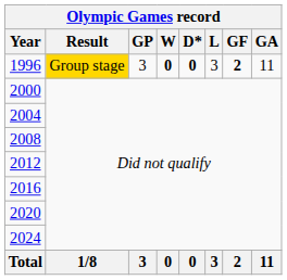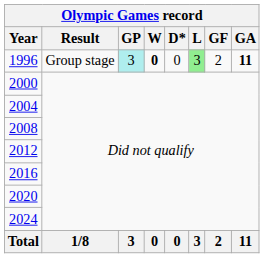 <table class="wikitable" style="text-align: center;">
 <tr>
 <th colspan=9><a href='#'>Olympic Games</a> record</th>
 </tr>
 <tr>
 <th>Year</th>
 <th>Result</th>
 <th>GP</th>
 <th>W</th>
 <th>D*</th>
 <th>L</th>
 <th>GF</th>
 <th>GA</th>
 </tr>
 <tr>
 <td> <a href='#'>1996</a></td>
-<td style="background: gold;">Group stage</td>
-<td>3</td>
+<td>Group stage</td>
+<td style="background: paleturquoise;">3</td>
 <td><strong>0</strong></td>
-<td><strong>0</strong></td>
-<td>3</td>
-<td><strong>2</strong></td>
-<td>11</td>
+<td>0</td>
+<td style="background: lightgreen;">3</td>
+<td>2</td>
+<td><strong>11</strong></td>
 </tr>
 <tr>
 <td> <a href='#'>2000</a></td>
 <td colspan=7 rowspan=7><em>Did not qualify</em></td>
 </tr>
 <tr>
 <td> <a href='#'>2004</a></td>
 </tr>
 <tr>
 <td> <a href='#'>2008</a></td>
 </tr>
 <tr>
 <td> <a href='#'>2012</a></td>
 </tr>
 <tr>
 <td> <a href='#'>2016</a></td>
 </tr>
 <tr>
 <td> <a href='#'>2020</a></td>
 </tr>
 <tr>
 <td> <a href='#'>2024</a></td>
 </tr>
 <tr>
 <th>Total</th>
 <th>1/8</th>
 <th>3</th>
 <th>0</th>
 <th>0</th>
 <th>3</th>
 <th>2</th>
 <th>11</th>
 </tr>
 </table>
